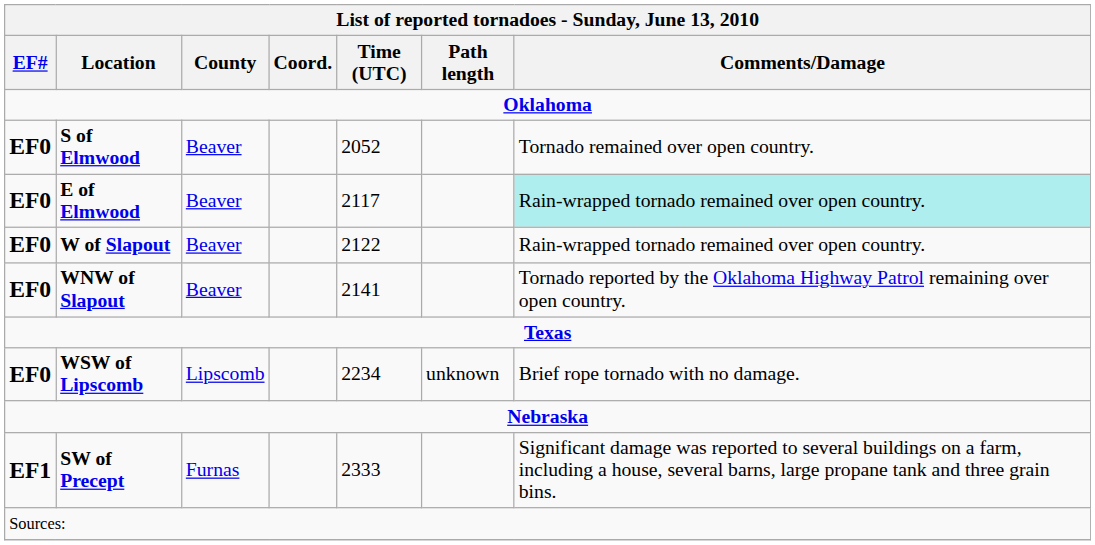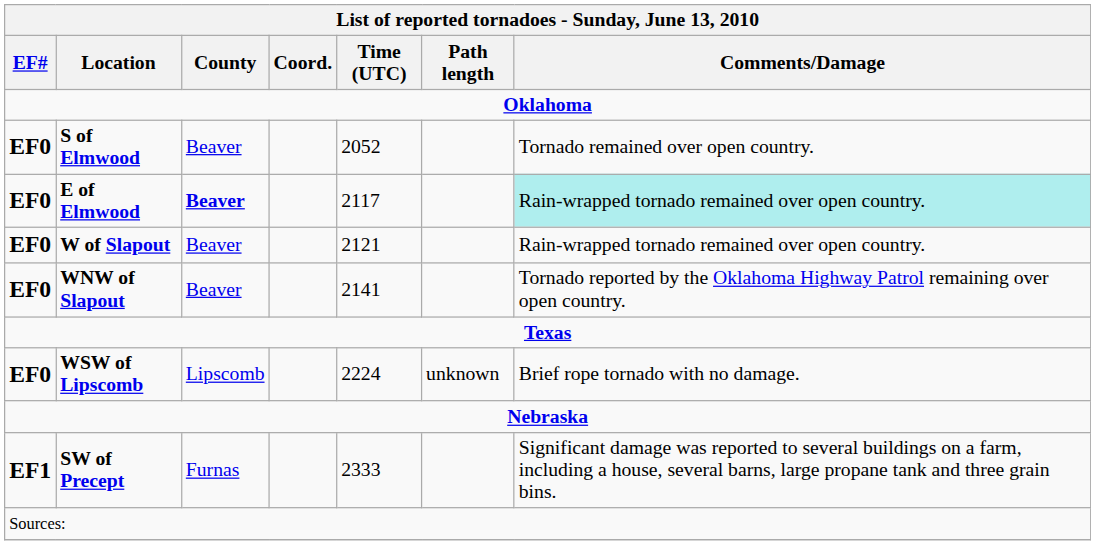 <table class="wikitable collapsible" width="100%">
 <tr>
 <th colspan="7">List of reported tornadoes - Sunday, June 13, 2010</th>
 </tr>
 <tr>
 <th><a href='#'>EF#</a></th>
 <th>Location</th>
 <th>County</th>
 <th>Coord.</th>
 <th>Time (UTC)</th>
 <th>Path length</th>
 <th>Comments/Damage</th>
 </tr>
 <tr>
 <td colspan="7" align=center><strong><a href='#'>Oklahoma</a></strong></td>
 </tr>
 <tr>
 <td><big><strong>EF0</strong></big></td>
 <td><strong>S of <a href='#'>Elmwood</a></strong></td>
 <td><a href='#'>Beaver</a></td>
 <td></td>
 <td>2052</td>
 <td></td>
 <td>Tornado remained over open country.</td>
 </tr>
 <tr>
 <td><big><strong>EF0</strong></big></td>
 <td><strong>E of <a href='#'>Elmwood</a></strong></td>
-<td><a href='#'>Beaver</a></td>
+<td><strong><a href='#'>Beaver</a></strong></td>
 <td></td>
 <td>2117</td>
 <td></td>
 <td style="background: paleturquoise;">Rain-wrapped tornado remained over open country.</td>
 </tr>
 <tr>
 <td><big><strong>EF0</strong></big></td>
 <td><strong>W of <a href='#'>Slapout</a></strong></td>
 <td><a href='#'>Beaver</a></td>
 <td></td>
-<td>2122</td>
+<td>2121</td>
 <td></td>
 <td>Rain-wrapped tornado remained over open country.</td>
 </tr>
 <tr>
 <td><big><strong>EF0</strong></big></td>
 <td><strong>WNW of <a href='#'>Slapout</a></strong></td>
 <td><a href='#'>Beaver</a></td>
 <td></td>
 <td>2141</td>
 <td></td>
 <td>Tornado reported by the <a href='#'>Oklahoma Highway Patrol</a> remaining over open country.</td>
 </tr>
 <tr>
 <td colspan="7" align=center><strong><a href='#'>Texas</a></strong></td>
 </tr>
 <tr>
 <td><big><strong>EF0</strong></big></td>
 <td><strong>WSW of <a href='#'>Lipscomb</a></strong></td>
 <td><a href='#'>Lipscomb</a></td>
 <td></td>
-<td>2234</td>
+<td>2224</td>
 <td>unknown</td>
 <td>Brief rope tornado with no damage.</td>
 </tr>
 <tr>
 <td colspan="7" align=center><strong><a href='#'>Nebraska</a></strong></td>
 </tr>
 <tr>
 <td><big><strong>EF1</strong></big></td>
 <td><strong>SW of <a href='#'>Precept</a></strong></td>
 <td><a href='#'>Furnas</a></td>
 <td></td>
 <td>2333</td>
 <td></td>
 <td>Significant damage was reported to several buildings on a farm, including a house, several barns, large propane tank and three grain bins.</td>
 </tr>
 <tr>
 <td colspan="7"><small>Sources: </small></td>
 </tr>
 <tr>
 </tr>
 </table>
